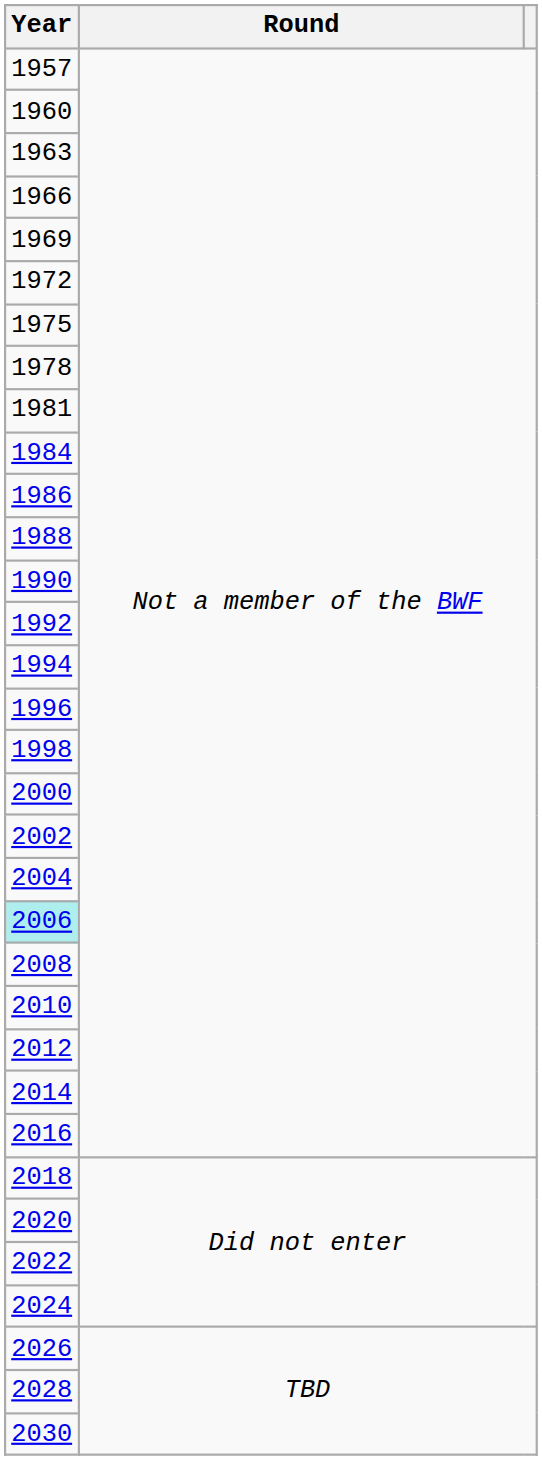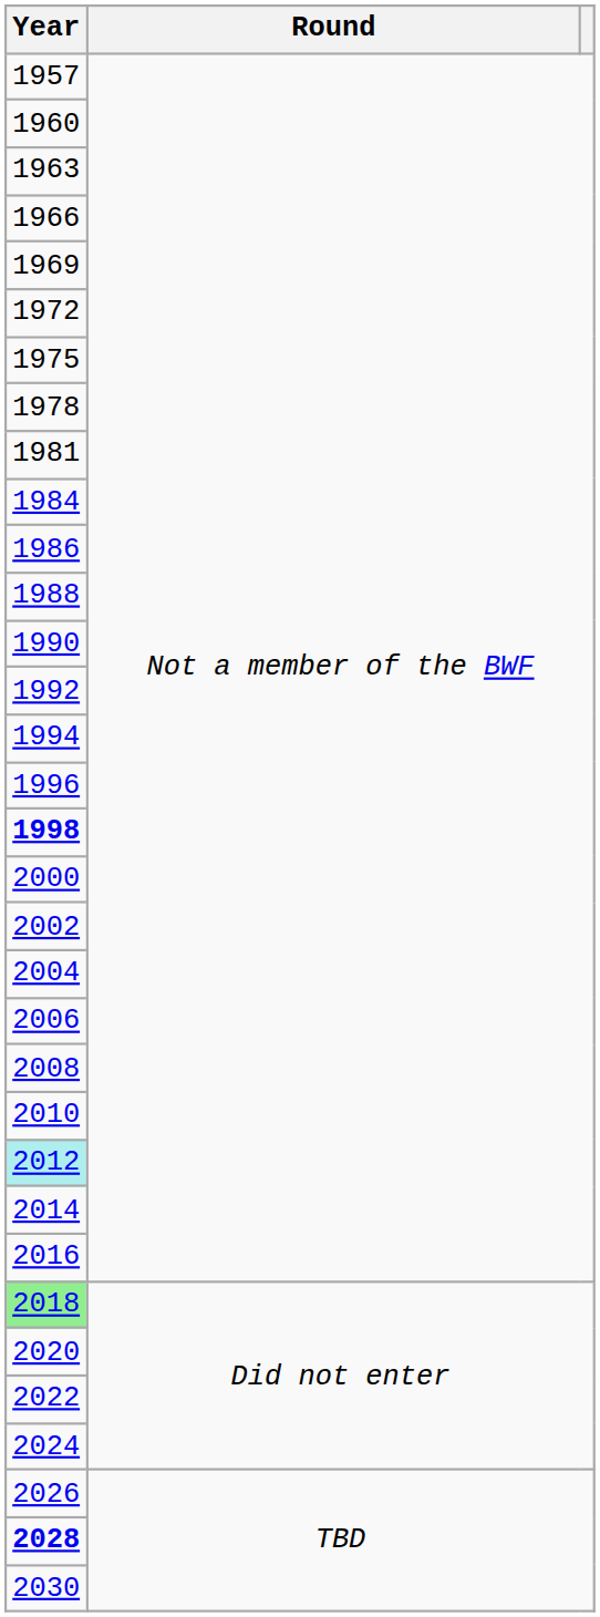 <table class="wikitable" style="text-align: center; font-size:90%">
 <tr>
 <th>Year</th>
 <th style="width:200px">Round</th>
 <th></th>
 </tr>
 <tr>
 <td>1957</td>
 <td colspan="2" rowspan="26"><em>Not a member of the <a href='#'>BWF</a></em></td>
 </tr>
 <tr>
 <td>1960</td>
 </tr>
 <tr>
 <td>1963</td>
 </tr>
 <tr>
 <td>1966</td>
 </tr>
 <tr>
 <td>1969</td>
 </tr>
 <tr>
 <td>1972</td>
 </tr>
 <tr>
 <td>1975</td>
 </tr>
 <tr>
 <td>1978</td>
 </tr>
 <tr>
 <td>1981</td>
 </tr>
 <tr>
 <td><a href='#'>1984</a></td>
 </tr>
 <tr>
 <td><a href='#'>1986</a></td>
 </tr>
 <tr>
 <td><a href='#'>1988</a></td>
 </tr>
 <tr>
 <td><a href='#'>1990</a></td>
 </tr>
 <tr>
 <td><a href='#'>1992</a></td>
 </tr>
 <tr>
 <td><a href='#'>1994</a></td>
 </tr>
 <tr>
 <td><a href='#'>1996</a></td>
 </tr>
 <tr>
-<td><a href='#'>1998</a></td>
+<td><strong><a href='#'>1998</a></strong></td>
 </tr>
 <tr>
 <td><a href='#'>2000</a></td>
 </tr>
 <tr>
 <td><a href='#'>2002</a></td>
 </tr>
 <tr>
 <td><a href='#'>2004</a></td>
 </tr>
 <tr>
-<td style="background: paleturquoise;"><a href='#'>2006</a></td>
+<td><a href='#'>2006</a></td>
 </tr>
 <tr>
 <td><a href='#'>2008</a></td>
 </tr>
 <tr>
 <td><a href='#'>2010</a></td>
 </tr>
 <tr>
-<td><a href='#'>2012</a></td>
+<td style="background: paleturquoise;"><a href='#'>2012</a></td>
 </tr>
 <tr>
 <td><a href='#'>2014</a></td>
 </tr>
 <tr>
 <td><a href='#'>2016</a></td>
 </tr>
 <tr>
-<td><a href='#'>2018</a></td>
+<td style="background: lightgreen;"><a href='#'>2018</a></td>
 <td colspan="2" rowspan="4"><em>Did not enter</em></td>
 </tr>
 <tr>
 <td><a href='#'>2020</a></td>
 </tr>
 <tr>
 <td><a href='#'>2022</a></td>
 </tr>
 <tr>
 <td><a href='#'>2024</a></td>
 </tr>
 <tr>
 <td><a href='#'>2026</a></td>
 <td colspan="2" rowspan="3"><em>TBD</em></td>
 </tr>
 <tr>
-<td><a href='#'>2028</a></td>
+<td><strong><a href='#'>2028</a></strong></td>
 </tr>
 <tr>
 <td><a href='#'>2030</a></td>
 </tr>
 </table>
